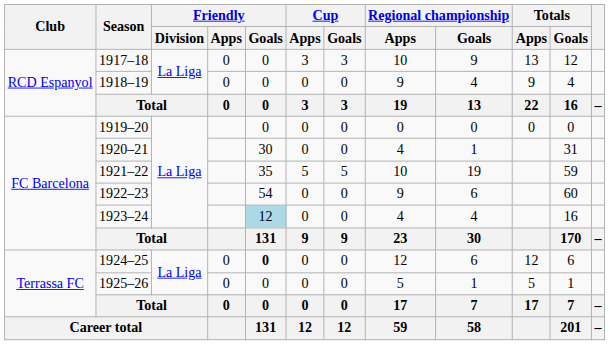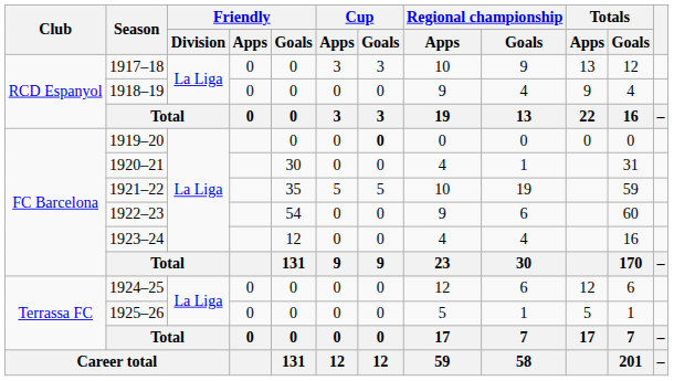 <table class="wikitable" style="text-align:center">
 <tr>
 <th rowspan="2">Club</th>
 <th rowspan="2">Season</th>
 <th colspan="3"><a href='#'>Friendly</a></th>
 <th colspan="2"><a href='#'>Cup</a></th>
 <th colspan="2"><a href='#'>Regional championship</a></th>
 <th colspan="2">Totals</th>
 <th rowspan="2"></th>
 </tr>
 <tr>
 <th>Division</th>
 <th>Apps</th>
 <th>Goals</th>
 <th>Apps</th>
 <th>Goals</th>
 <th>Apps</th>
 <th>Goals</th>
 <th>Apps</th>
 <th>Goals</th>
 </tr>
 <tr>
 <td rowspan="3"><a href='#'>RCD Espanyol</a></td>
 <td>1917–18</td>
 <td rowspan="2"><a href='#'>La Liga</a></td>
 <td>0</td>
 <td>0</td>
 <td>3</td>
 <td>3</td>
 <td>10</td>
 <td>9</td>
 <td>13</td>
 <td>12</td>
 <td></td>
 </tr>
 <tr>
 <td>1918–19</td>
 <td>0</td>
 <td>0</td>
 <td>0</td>
 <td>0</td>
 <td>9</td>
 <td>4</td>
 <td>9</td>
 <td>4</td>
 <td></td>
 </tr>
 <tr>
 <th colspan="2">Total</th>
 <th>0</th>
 <th>0</th>
 <th>3</th>
 <th>3</th>
 <th>19</th>
 <th>13</th>
 <th>22</th>
 <th>16</th>
 <th>–</th>
 </tr>
 <tr>
 <td rowspan="6"><a href='#'>FC Barcelona</a></td>
 <td>1919–20</td>
 <td rowspan="5"><a href='#'>La Liga</a></td>
 <td></td>
 <td>0</td>
 <td>0</td>
-<td>0</td>
+<td><strong>0</strong></td>
 <td>0</td>
 <td>0</td>
 <td>0</td>
 <td>0</td>
 <td></td>
 </tr>
 <tr>
 <td>1920–21</td>
 <td></td>
 <td>30</td>
 <td>0</td>
 <td>0</td>
 <td>4</td>
 <td>1</td>
 <td></td>
 <td>31</td>
 <td></td>
 </tr>
 <tr>
 <td>1921–22</td>
 <td></td>
 <td>35</td>
 <td>5</td>
 <td>5</td>
 <td>10</td>
 <td>19</td>
 <td></td>
 <td>59</td>
 <td></td>
 </tr>
 <tr>
 <td>1922–23</td>
 <td></td>
 <td>54</td>
 <td>0</td>
 <td>0</td>
 <td>9</td>
 <td>6</td>
 <td></td>
 <td>60</td>
 <td></td>
 </tr>
 <tr>
 <td>1923–24</td>
 <td></td>
-<td style="background: lightblue;">12</td>
+<td>12</td>
 <td>0</td>
 <td>0</td>
 <td>4</td>
 <td>4</td>
 <td></td>
 <td>16</td>
 <td></td>
 </tr>
 <tr>
 <th colspan="2">Total</th>
 <th></th>
 <th>131</th>
 <th>9</th>
 <th>9</th>
 <th>23</th>
 <th>30</th>
 <th></th>
 <th>170</th>
 <th>–</th>
 </tr>
 <tr>
 <td rowspan="3"><a href='#'>Terrassa FC</a></td>
 <td>1924–25</td>
 <td rowspan="2"><a href='#'>La Liga</a></td>
 <td>0</td>
-<td><strong>0</strong></td>
+<td>0</td>
 <td>0</td>
 <td>0</td>
 <td>12</td>
 <td>6</td>
 <td>12</td>
 <td>6</td>
 <td></td>
 </tr>
 <tr>
 <td>1925–26</td>
 <td>0</td>
 <td>0</td>
 <td>0</td>
 <td>0</td>
 <td>5</td>
 <td>1</td>
 <td>5</td>
 <td>1</td>
 <td></td>
 </tr>
 <tr>
 <th colspan="2">Total</th>
 <th>0</th>
 <th>0</th>
 <th>0</th>
 <th>0</th>
 <th>17</th>
 <th>7</th>
 <th>17</th>
 <th>7</th>
 <th>–</th>
 </tr>
 <tr>
 <th colspan="3">Career total</th>
 <th></th>
 <th>131</th>
 <th>12</th>
 <th>12</th>
 <th>59</th>
 <th>58</th>
 <th></th>
 <th>201</th>
 <th>–</th>
 </tr>
 </table>
